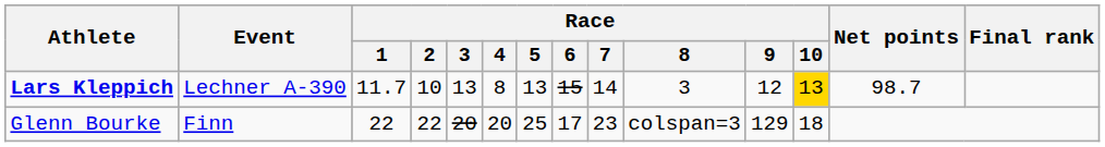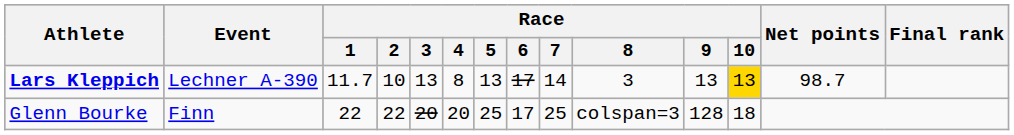 <table class="wikitable" style="font-size:90%">
 <tr>
 <th rowspan=2>Athlete</th>
 <th rowspan=2>Event</th>
 <th colspan=10>Race</th>
 <th rowspan=2>Net points</th>
 <th rowspan=2>Final rank</th>
 </tr>
 <tr style="font-size:95%">
 <th>1</th>
 <th>2</th>
 <th>3</th>
 <th>4</th>
 <th>5</th>
 <th>6</th>
 <th>7</th>
 <th>8</th>
 <th>9</th>
 <th>10</th>
 </tr>
 <tr align=center>
 <td align=left><strong><a href='#'>Lars Kleppich</a></strong></td>
 <td align=left><a href='#'>Lechner A-390</a></td>
 <td>11.7</td>
 <td>10</td>
 <td>13</td>
 <td>8</td>
 <td>13</td>
-<td><s>15</s></td>
+<td><s>17</s></td>
 <td>14</td>
 <td>3</td>
-<td>12</td>
+<td>13</td>
 <td style="background: gold;">13</td>
 <td>98.7</td>
 <td></td>
 </tr>
 <tr align=center>
 <td align=left><a href='#'>Glenn Bourke</a></td>
 <td align=left><a href='#'>Finn</a></td>
 <td>22</td>
 <td>22</td>
 <td><s>20</s></td>
 <td>20</td>
 <td>25</td>
 <td>17</td>
-<td>23</td>
+<td>25</td>
 <td>colspan=3</td>
-<td>129</td>
+<td>128</td>
 <td>18</td>
 </tr>
 </table>
